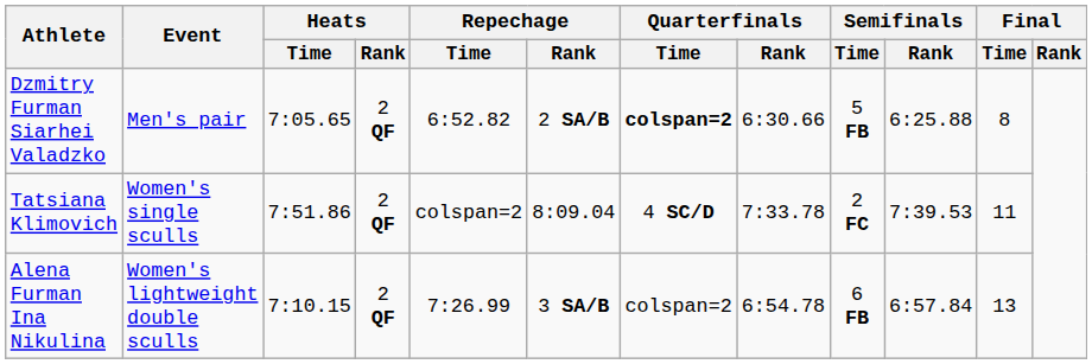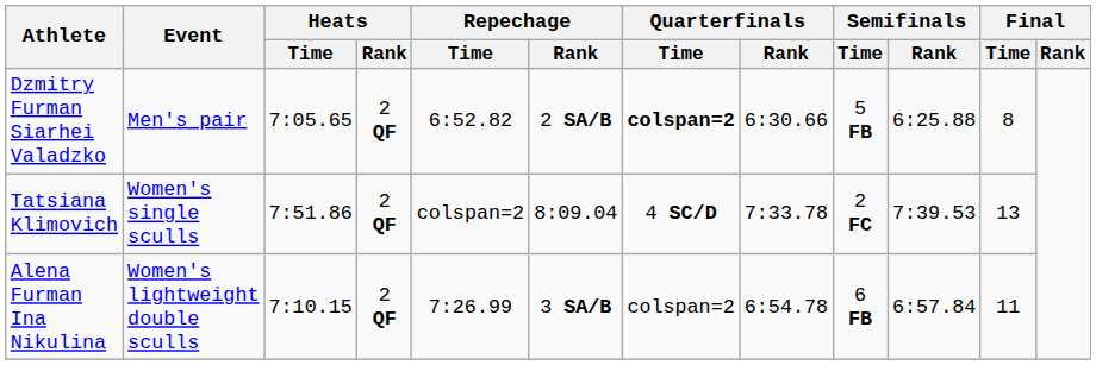 <table class="wikitable" style="font-size:90%">
 <tr>
 <th rowspan="2">Athlete</th>
 <th rowspan="2">Event</th>
 <th colspan="2">Heats</th>
 <th colspan="2">Repechage</th>
 <th colspan="2">Quarterfinals</th>
 <th colspan="2">Semifinals</th>
 <th colspan="2">Final</th>
 </tr>
 <tr style="font-size:95%">
 <th>Time</th>
 <th>Rank</th>
 <th>Time</th>
 <th>Rank</th>
 <th>Time</th>
 <th>Rank</th>
 <th>Time</th>
 <th>Rank</th>
 <th>Time</th>
 <th>Rank</th>
 </tr>
 <tr align=center>
 <td align=left><a href='#'>Dzmitry Furman</a><br><a href='#'>Siarhei Valadzko</a></td>
 <td align=left><a href='#'>Men's pair</a></td>
 <td>7:05.65</td>
 <td>2 <strong>QF</strong></td>
 <td>6:52.82</td>
 <td>2 <strong>SA/B</strong></td>
 <td><strong>colspan=2 </strong></td>
 <td>6:30.66</td>
 <td>5 <strong>FB</strong></td>
 <td>6:25.88</td>
 <td>8</td>
 </tr>
 <tr align=center>
 <td align=left><a href='#'>Tatsiana Klimovich</a></td>
 <td align=left><a href='#'>Women's single sculls</a></td>
 <td>7:51.86</td>
 <td>2 <strong>QF</strong></td>
 <td>colspan=2 </td>
 <td>8:09.04</td>
 <td>4 <strong>SC/D</strong></td>
 <td>7:33.78</td>
 <td>2 <strong>FC</strong></td>
 <td>7:39.53</td>
-<td>11</td>
+<td>13</td>
 </tr>
 <tr align=center>
 <td align=left><a href='#'>Alena Furman</a><br><a href='#'>Ina Nikulina</a></td>
 <td align=left><a href='#'>Women's lightweight double sculls</a></td>
 <td>7:10.15</td>
 <td>2 <strong>QF</strong></td>
 <td>7:26.99</td>
 <td>3 <strong>SA/B</strong></td>
 <td>colspan=2 </td>
 <td>6:54.78</td>
 <td>6 <strong>FB</strong></td>
 <td>6:57.84</td>
-<td>13</td>
+<td>11</td>
 </tr>
 </table>
